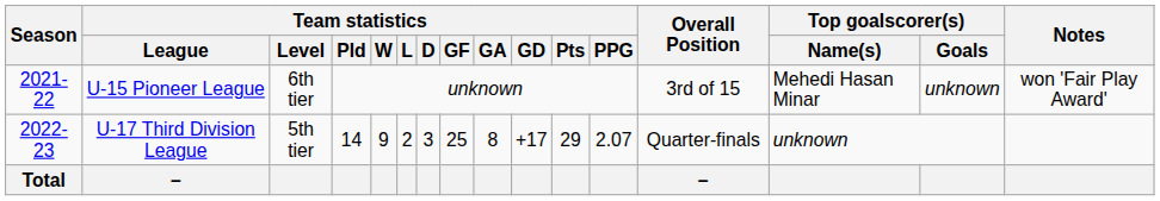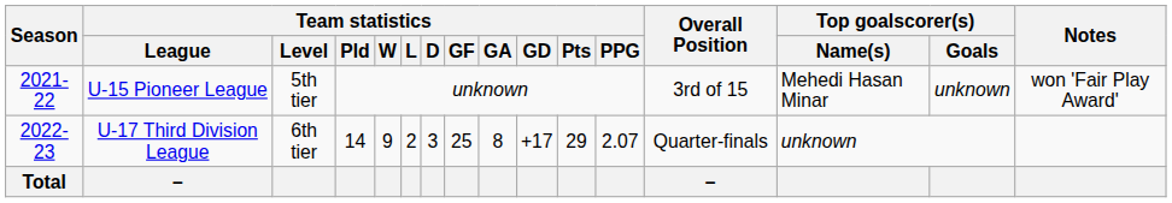 <table class="wikitable" width=100% style="font-size:90%; text-align:center;">
 <tr style="background:#f0f6ff;">
 <th rowspan=2>Season</th>
 <th colspan="11">Team statistics</th>
 <th rowspan="2">Overall Position</th>
 <th colspan=2>Top goalscorer(s)</th>
 <th rowspan="2">Notes</th>
 </tr>
 <tr>
 <th>League</th>
 <th>Level</th>
 <th>Pld</th>
 <th>W</th>
 <th>L</th>
 <th>D</th>
 <th>GF</th>
 <th>GA</th>
 <th>GD</th>
 <th>Pts</th>
 <th>PPG</th>
 <th>Name(s)</th>
 <th>Goals</th>
 </tr>
 <tr>
 <td><a href='#'>2021-22</a></td>
 <td><a href='#'>U-15 Pioneer League</a></td>
-<td>6th tier</td>
+<td>5th tier</td>
 <td colspan="9"><em>unknown</em></td>
 <td>3rd of 15</td>
 <td align="left">Mehedi Hasan Minar</td>
 <td><em>unknown</em></td>
 <td>won 'Fair Play Award'</td>
 </tr>
 <tr>
 <td><a href='#'>2022-23</a></td>
 <td><a href='#'>U-17 Third Division League</a></td>
-<td>5th tier</td>
+<td>6th tier</td>
 <td>14</td>
 <td>9</td>
 <td>2</td>
 <td>3</td>
 <td>25</td>
 <td>8</td>
 <td>+17</td>
 <td>29</td>
 <td>2.07</td>
 <td>Quarter-finals</td>
 <td colspan="2" align="left"><em>unknown</em></td>
 <td></td>
 </tr>
 <tr>
 <th>Total</th>
 <th>–</th>
 <th></th>
 <th></th>
 <th></th>
 <th></th>
 <th></th>
 <th></th>
 <th></th>
 <th></th>
 <th></th>
 <th></th>
 <th>–</th>
 <th></th>
 <th></th>
 <th></th>
 </tr>
 </table>
